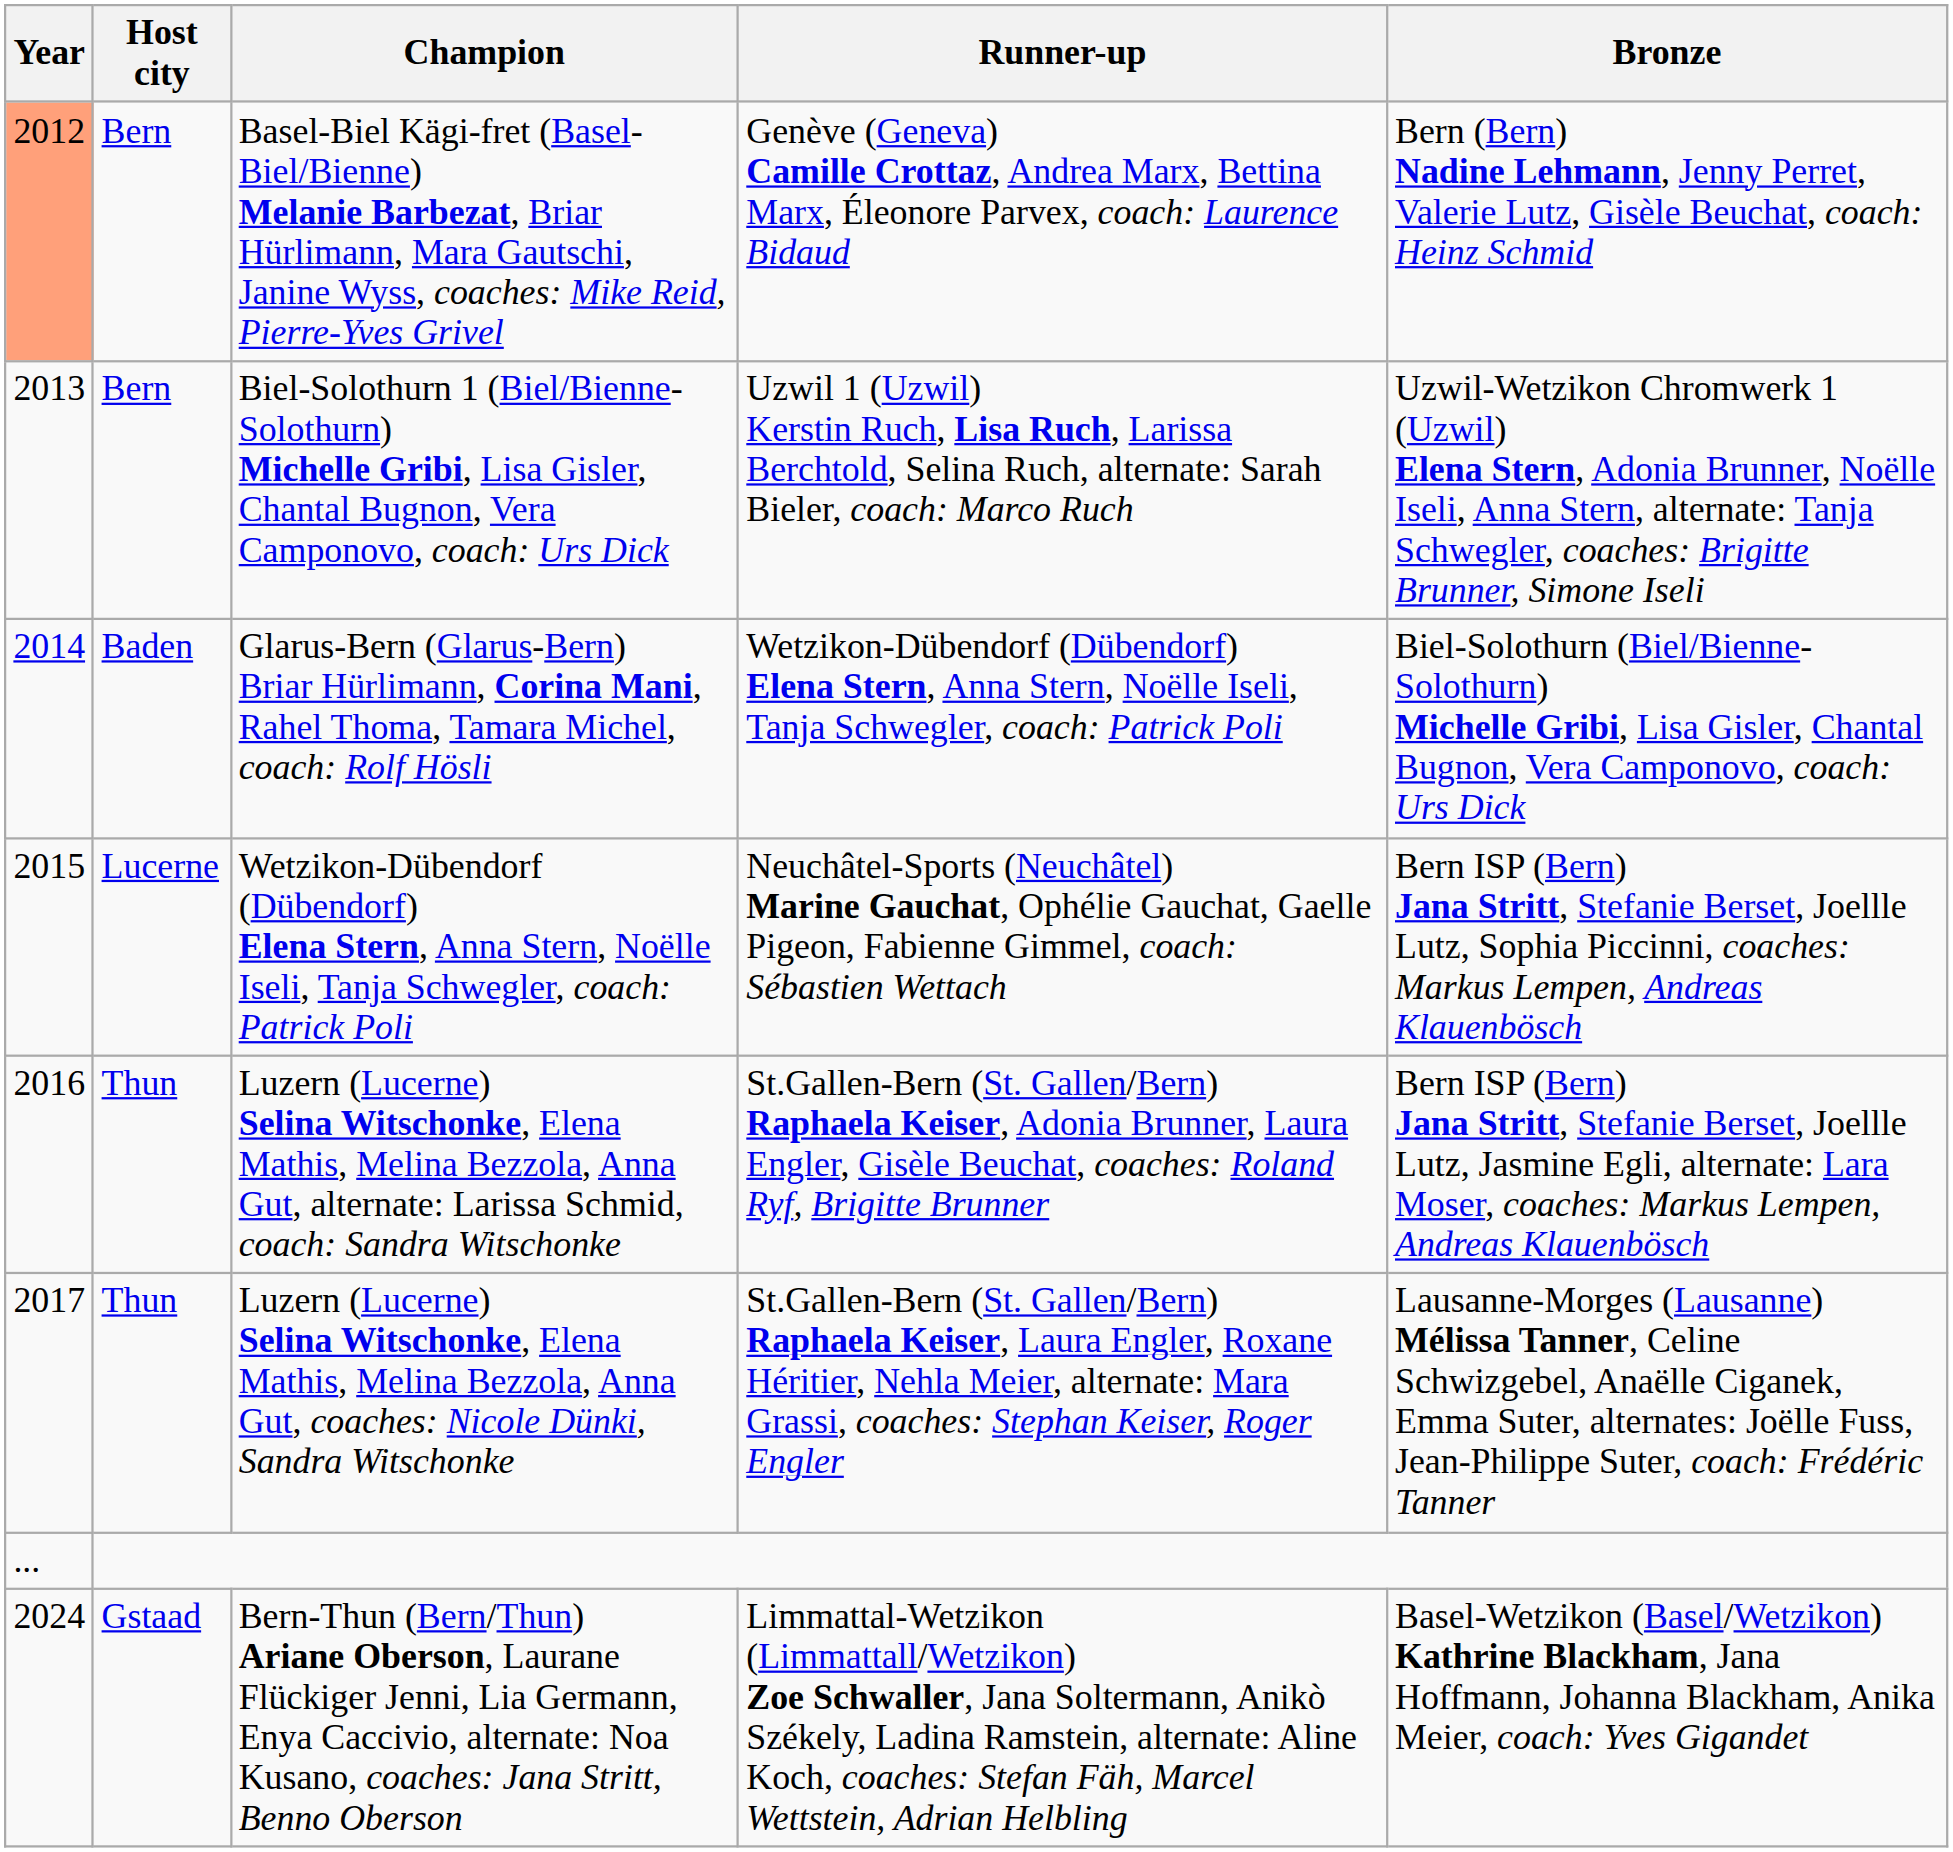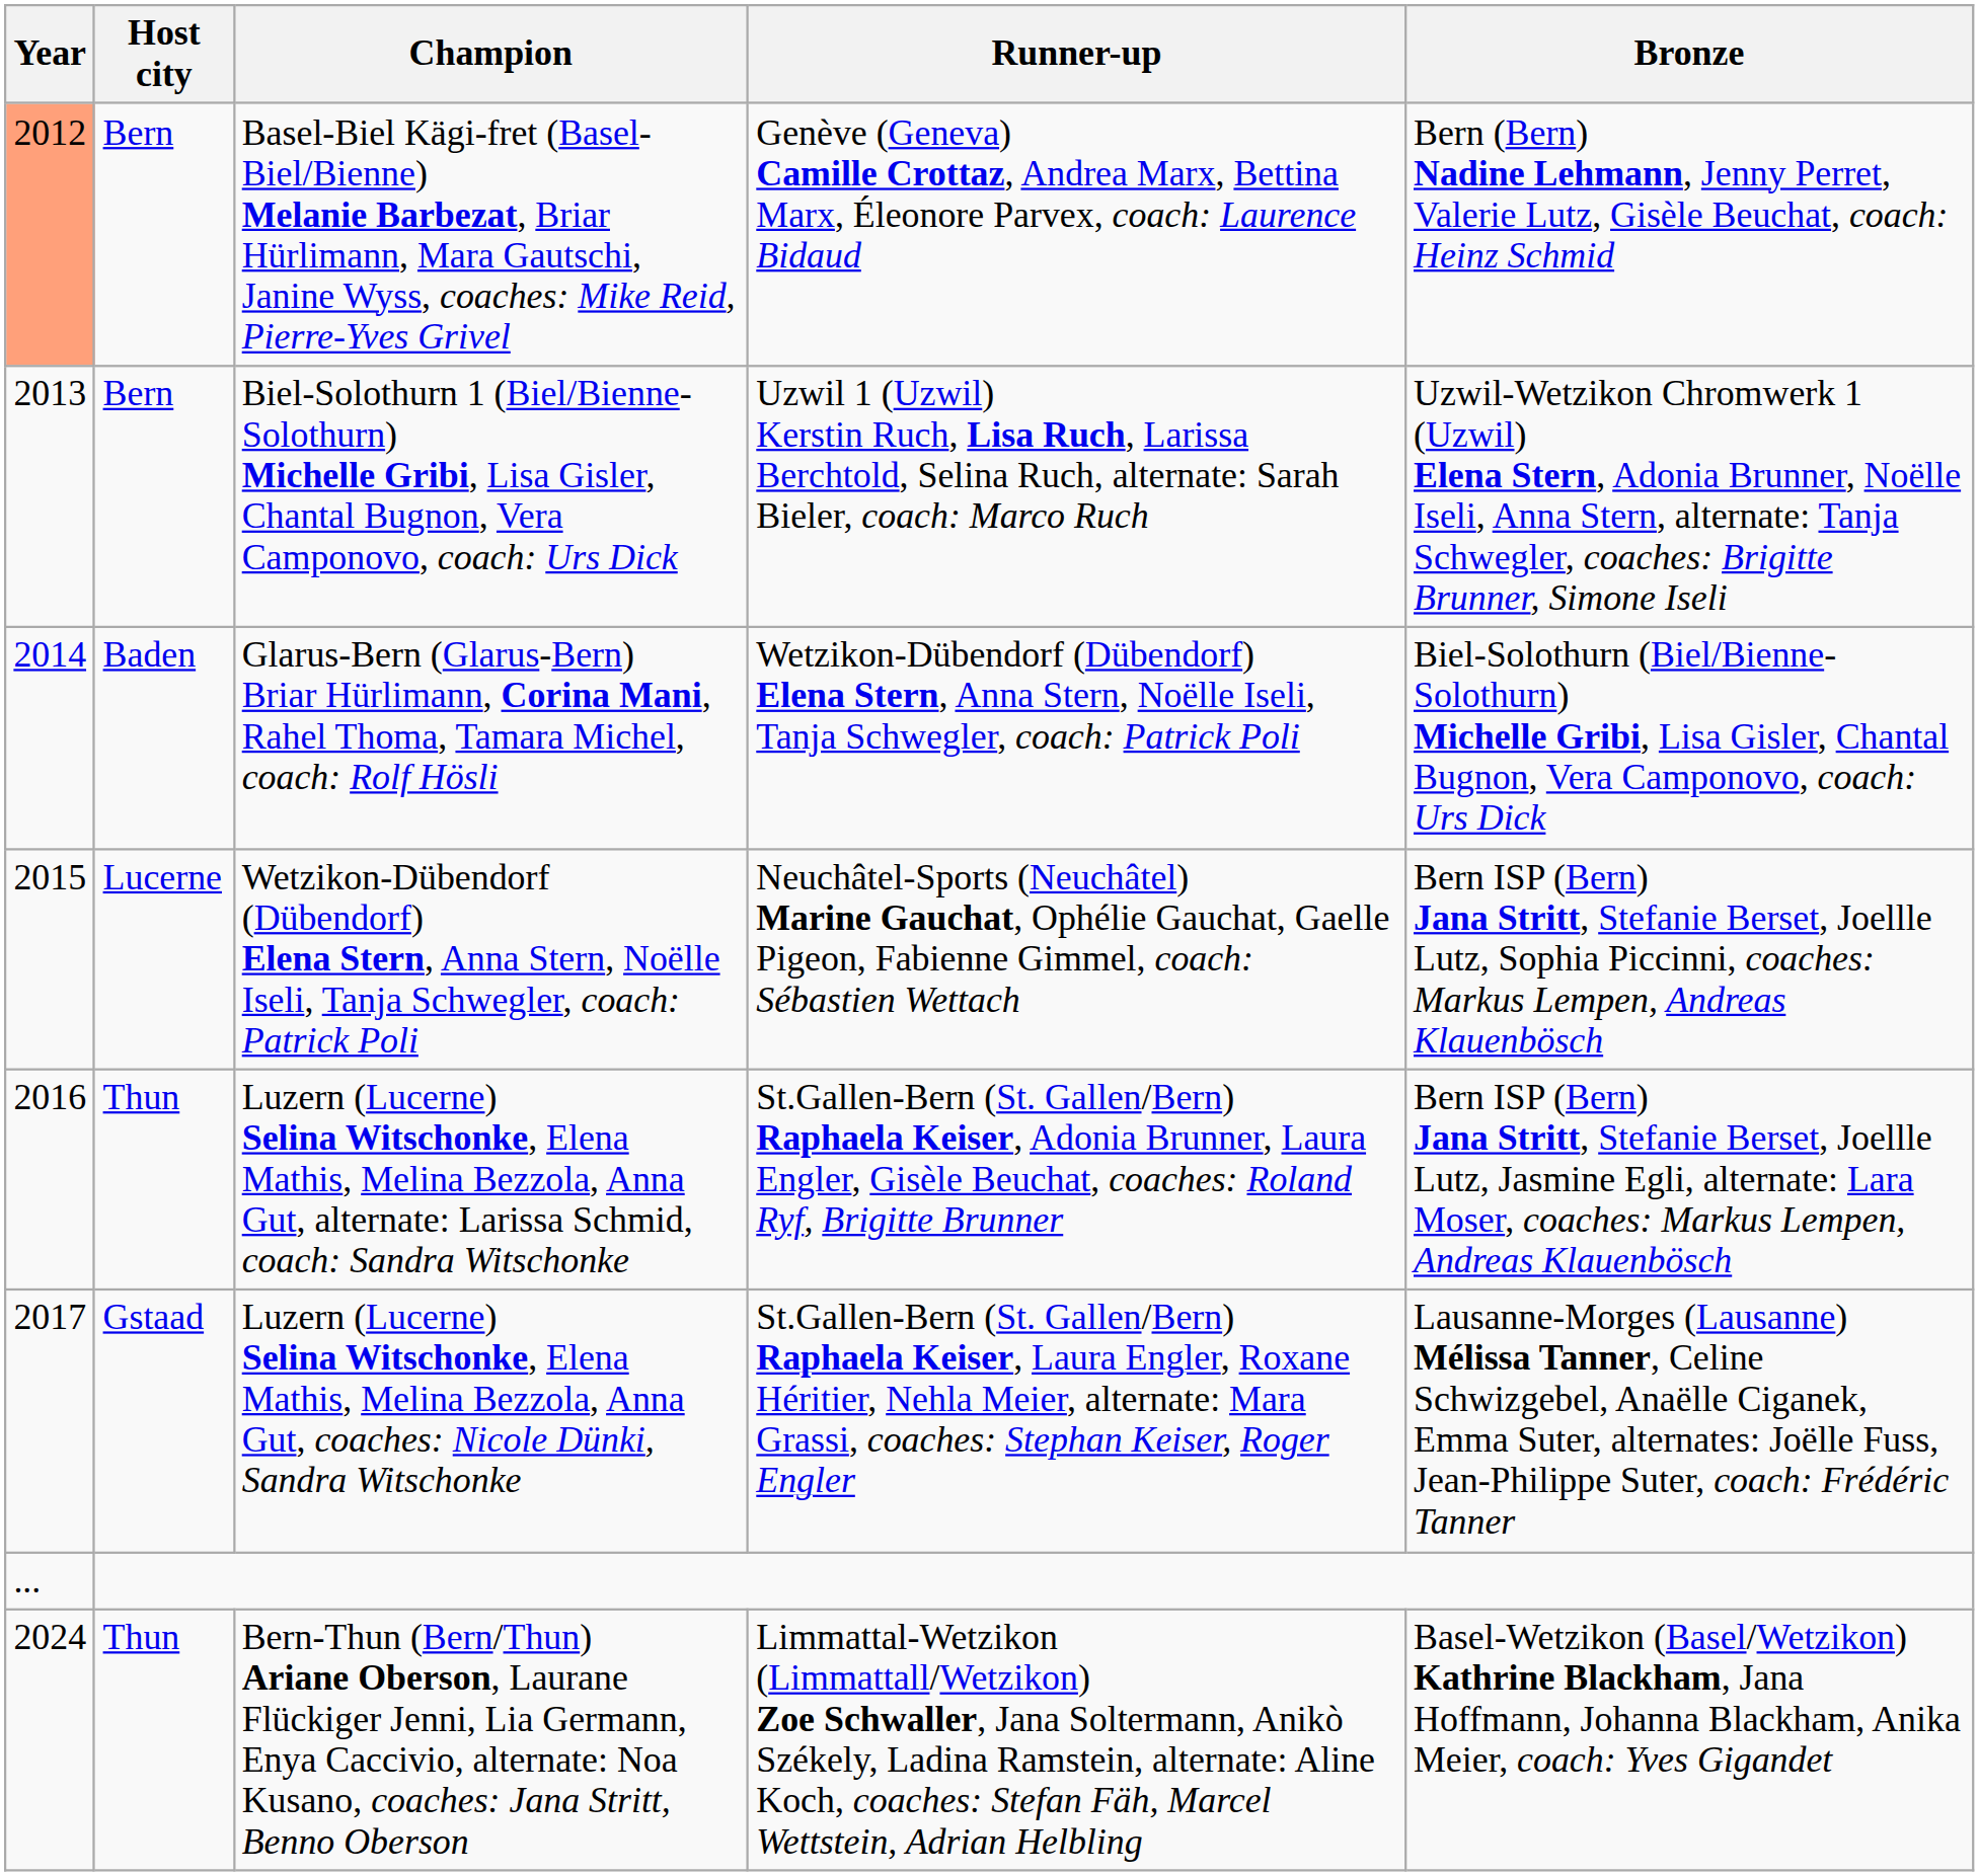 <table class="wikitable">
 <tr>
 <th scope="col">Year</th>
 <th scope="col">Host city</th>
 <th scope="col">Champion</th>
 <th scope="col">Runner-up</th>
 <th scope="col">Bronze</th>
 </tr>
 <tr valign="top">
 <td align=center style="background: lightsalmon;">2012</td>
 <td><a href='#'>Bern</a></td>
 <td>Basel-Biel Kägi-fret (<a href='#'>Basel</a>-<a href='#'>Biel/Bienne</a>)<br><strong><a href='#'>Melanie Barbezat</a></strong>, <a href='#'>Briar Hürlimann</a>, <a href='#'>Mara Gautschi</a>, <a href='#'>Janine Wyss</a>, <em>coaches: <a href='#'>Mike Reid</a>, <a href='#'>Pierre-Yves Grivel</a></em></td>
 <td>Genève (<a href='#'>Geneva</a>)<br><strong><a href='#'>Camille Crottaz</a></strong>, <a href='#'>Andrea Marx</a>, <a href='#'>Bettina Marx</a>, Éleonore Parvex, <em>coach: <a href='#'>Laurence Bidaud</a></em></td>
 <td>Bern (<a href='#'>Bern</a>)<br><strong><a href='#'>Nadine Lehmann</a></strong>, <a href='#'>Jenny Perret</a>, <a href='#'>Valerie Lutz</a>, <a href='#'>Gisèle Beuchat</a>, <em>coach: <a href='#'>Heinz Schmid</a></em></td>
 </tr>
 <tr valign="top">
 <td align=center>2013</td>
 <td><a href='#'>Bern</a></td>
 <td>Biel-Solothurn 1 (<a href='#'>Biel/Bienne</a>-<a href='#'>Solothurn</a>)<br><strong><a href='#'>Michelle Gribi</a></strong>, <a href='#'>Lisa Gisler</a>, <a href='#'>Chantal Bugnon</a>, <a href='#'>Vera Camponovo</a>, <em>coach: <a href='#'>Urs Dick</a></em></td>
 <td>Uzwil 1 (<a href='#'>Uzwil</a>)<br><a href='#'>Kerstin Ruch</a>, <strong><a href='#'>Lisa Ruch</a></strong>, <a href='#'>Larissa Berchtold</a>, Selina Ruch, alternate: Sarah Bieler, <em>coach: Marco Ruch</em></td>
 <td>Uzwil-Wetzikon Chromwerk 1 (<a href='#'>Uzwil</a>)<br><strong><a href='#'>Elena Stern</a></strong>, <a href='#'>Adonia Brunner</a>, <a href='#'>Noëlle Iseli</a>, <a href='#'>Anna Stern</a>, alternate: <a href='#'>Tanja Schwegler</a>, <em>coaches: <a href='#'>Brigitte Brunner</a>, Simone Iseli</em></td>
 </tr>
 <tr valign="top">
 <td align=center><a href='#'>2014</a></td>
 <td><a href='#'>Baden</a></td>
 <td>Glarus-Bern (<a href='#'>Glarus</a>-<a href='#'>Bern</a>)<br><a href='#'>Briar Hürlimann</a>, <strong><a href='#'>Corina Mani</a></strong>, <a href='#'>Rahel Thoma</a>, <a href='#'>Tamara Michel</a>, <em>coach: <a href='#'>Rolf Hösli</a></em></td>
 <td>Wetzikon-Dübendorf (<a href='#'>Dübendorf</a>)<br><strong><a href='#'>Elena Stern</a></strong>, <a href='#'>Anna Stern</a>, <a href='#'>Noëlle Iseli</a>, <a href='#'>Tanja Schwegler</a>, <em>coach: <a href='#'>Patrick Poli</a></em></td>
 <td>Biel-Solothurn (<a href='#'>Biel/Bienne</a>-<a href='#'>Solothurn</a>)<br><strong><a href='#'>Michelle Gribi</a></strong>, <a href='#'>Lisa Gisler</a>, <a href='#'>Chantal Bugnon</a>, <a href='#'>Vera Camponovo</a>, <em>coach: <a href='#'>Urs Dick</a></em></td>
 </tr>
 <tr valign="top">
 <td align=center>2015</td>
 <td><a href='#'>Lucerne</a></td>
 <td>Wetzikon-Dübendorf (<a href='#'>Dübendorf</a>)<br><strong><a href='#'>Elena Stern</a></strong>, <a href='#'>Anna Stern</a>, <a href='#'>Noëlle Iseli</a>, <a href='#'>Tanja Schwegler</a>, <em>coach: <a href='#'>Patrick Poli</a></em></td>
 <td>Neuchâtel-Sports (<a href='#'>Neuchâtel</a>)<br><strong>Marine Gauchat</strong>, Ophélie Gauchat, Gaelle Pigeon, Fabienne Gimmel, <em>coach: Sébastien Wettach</em></td>
 <td>Bern ISP (<a href='#'>Bern</a>)<br><strong><a href='#'>Jana Stritt</a></strong>, <a href='#'>Stefanie Berset</a>, Joellle Lutz, Sophia Piccinni, <em>coaches: Markus Lempen, <a href='#'>Andreas Klauenbösch</a></em></td>
 </tr>
 <tr valign="top">
 <td align=center>2016</td>
 <td><a href='#'>Thun</a></td>
 <td>Luzern (<a href='#'>Lucerne</a>)<br><strong><a href='#'>Selina Witschonke</a></strong>, <a href='#'>Elena Mathis</a>, <a href='#'>Melina Bezzola</a>, <a href='#'>Anna Gut</a>, alternate: Larissa Schmid, <em>coach: Sandra Witschonke</em></td>
 <td>St.Gallen-Bern (<a href='#'>St. Gallen</a>/<a href='#'>Bern</a>)<br><strong><a href='#'>Raphaela Keiser</a></strong>, <a href='#'>Adonia Brunner</a>, <a href='#'>Laura Engler</a>, <a href='#'>Gisèle Beuchat</a>, <em>coaches: <a href='#'>Roland Ryf</a>, <a href='#'>Brigitte Brunner</a></em></td>
 <td>Bern ISP (<a href='#'>Bern</a>)<br><strong><a href='#'>Jana Stritt</a></strong>, <a href='#'>Stefanie Berset</a>, Joellle Lutz, Jasmine Egli, alternate: <a href='#'>Lara Moser</a>, <em>coaches: Markus Lempen, <a href='#'>Andreas Klauenbösch</a></em></td>
 </tr>
 <tr valign="top">
 <td align=center>2017</td>
-<td><a href='#'>Thun</a></td>
+<td><a href='#'>Gstaad</a></td>
 <td>Luzern (<a href='#'>Lucerne</a>)<br><strong><a href='#'>Selina Witschonke</a></strong>, <a href='#'>Elena Mathis</a>, <a href='#'>Melina Bezzola</a>, <a href='#'>Anna Gut</a>, <em>coaches: <a href='#'>Nicole Dünki</a>, Sandra Witschonke</em></td>
 <td>St.Gallen-Bern (<a href='#'>St. Gallen</a>/<a href='#'>Bern</a>)<br><strong><a href='#'>Raphaela Keiser</a></strong>, <a href='#'>Laura Engler</a>, <a href='#'>Roxane Héritier</a>, <a href='#'>Nehla Meier</a>, alternate: <a href='#'>Mara Grassi</a>, <em>coaches: <a href='#'>Stephan Keiser</a>, <a href='#'>Roger Engler</a></em></td>
 <td>Lausanne-Morges (<a href='#'>Lausanne</a>)<br><strong>Mélissa Tanner</strong>, Celine Schwizgebel, Anaëlle Ciganek, Emma Suter, alternates: Joëlle Fuss, Jean-Philippe Suter, <em>coach: Frédéric Tanner</em></td>
 </tr>
 <tr>
 <td>...</td>
 </tr>
 <tr valign="top">
 <td align=center>2024</td>
-<td><a href='#'>Gstaad</a></td>
+<td><a href='#'>Thun</a></td>
 <td>Bern-Thun (<a href='#'>Bern</a>/<a href='#'>Thun</a>)<br><strong>Ariane Oberson</strong>, Laurane Flückiger Jenni, Lia Germann, Enya Caccivio, alternate: Noa Kusano, <em>coaches: Jana Stritt, Benno Oberson</em></td>
 <td>Limmattal-Wetzikon (<a href='#'>Limmattall</a>/<a href='#'>Wetzikon</a>)<br><strong>Zoe Schwaller</strong>, Jana Soltermann, Anikò Székely, Ladina Ramstein, alternate: Aline Koch, <em>coaches: Stefan Fäh, Marcel Wettstein, Adrian Helbling</em></td>
 <td>Basel-Wetzikon (<a href='#'>Basel</a>/<a href='#'>Wetzikon</a>)<br><strong>Kathrine Blackham</strong>, Jana Hoffmann, Johanna Blackham, Anika Meier, <em>coach: Yves Gigandet</em></td>
 </tr>
 </table>
